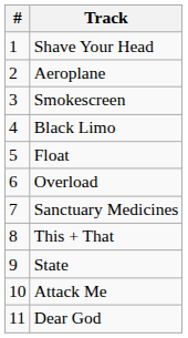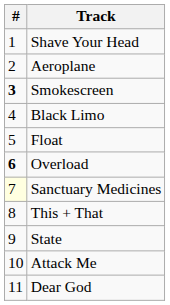 <table class="wikitable" border="1">
 <tr>
 <th>#</th>
 <th>Track</th>
 </tr>
 <tr>
 <td>1</td>
 <td>Shave Your Head</td>
 </tr>
 <tr>
 <td>2</td>
 <td>Aeroplane</td>
 </tr>
 <tr>
-<td>3</td>
+<td><strong>3</strong></td>
 <td>Smokescreen</td>
 </tr>
 <tr>
 <td>4</td>
 <td>Black Limo</td>
 </tr>
 <tr>
 <td>5</td>
 <td>Float</td>
 </tr>
 <tr>
-<td>6</td>
+<td><strong>6</strong></td>
 <td>Overload</td>
 </tr>
 <tr>
-<td>7</td>
+<td style="background: lightyellow;">7</td>
 <td>Sanctuary Medicines</td>
 </tr>
 <tr>
 <td>8</td>
 <td>This + That</td>
 </tr>
 <tr>
 <td>9</td>
 <td>State</td>
 </tr>
 <tr>
 <td>10</td>
 <td>Attack Me</td>
 </tr>
 <tr>
 <td>11</td>
 <td>Dear God</td>
 </tr>
 </table>
